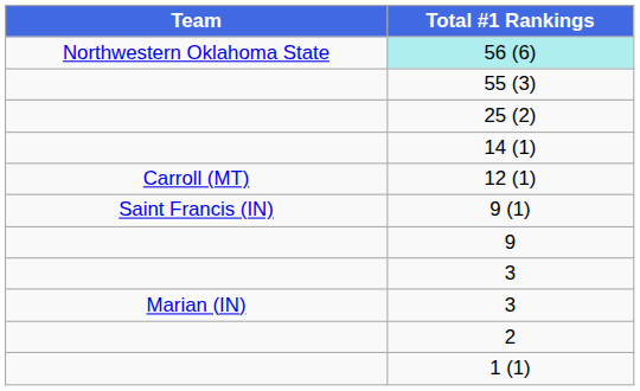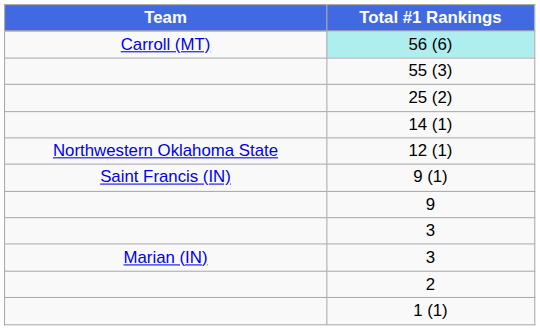 <table class="wikitable" style="width:40%;">
 <tr>
 <th style="background:#4169E1; color:white;">Team</th>
 <th style="background:#4169E1; color:white;">Total #1 Rankings</th>
 </tr>
 <tr style="text-align:center;">
-<td><a href='#'>Northwestern Oklahoma State</a></td>
+<td><a href='#'>Carroll (MT)</a></td>
 <td style="background: paleturquoise;">56 (6)</td>
 </tr>
 <tr style="text-align:center;">
 <td></td>
 <td>55 (3)</td>
 </tr>
 <tr style="text-align:center;">
 <td></td>
 <td>25 (2)</td>
 </tr>
 <tr style="text-align:center;">
 <td></td>
 <td>14 (1)</td>
 </tr>
 <tr style="text-align:center;">
-<td><a href='#'>Carroll (MT)</a></td>
+<td><a href='#'>Northwestern Oklahoma State</a></td>
 <td>12 (1)</td>
 </tr>
 <tr style="text-align:center;">
 <td><a href='#'>Saint Francis (IN)</a></td>
 <td>9 (1)</td>
 </tr>
 <tr style="text-align:center;">
 <td></td>
 <td>9</td>
 </tr>
 <tr style="text-align:center;">
 <td></td>
 <td>3</td>
 </tr>
 <tr style="text-align:center;">
 <td><a href='#'>Marian (IN)</a></td>
 <td>3</td>
 </tr>
 <tr style="text-align:center;">
 <td></td>
 <td>2</td>
 </tr>
 <tr style="text-align:center;">
 <td></td>
 <td>1 (1)</td>
 </tr>
 </table>
